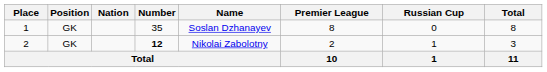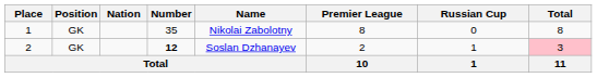 <table class="wikitable" style="font-size: 95%; text-align: center;">
 <tr>
 <th width=60>Place</th>
 <th width=60>Position</th>
 <th width=60>Nation</th>
 <th width=60>Number</th>
 <th width=150>Name</th>
 <th width=150>Premier League</th>
 <th width=150>Russian Cup</th>
 <th width=80>Total</th>
 </tr>
 <tr>
 <td>1</td>
 <td>GK</td>
 <td></td>
 <td>35</td>
-<td><a href='#'>Soslan Dzhanayev</a></td>
+<td><a href='#'>Nikolai Zabolotny</a></td>
 <td>8</td>
 <td>0</td>
 <td>8</td>
 </tr>
 <tr>
 <td>2</td>
 <td>GK</td>
 <td></td>
 <td><strong>12</strong></td>
-<td><a href='#'>Nikolai Zabolotny</a></td>
+<td><a href='#'>Soslan Dzhanayev</a></td>
 <td>2</td>
 <td>1</td>
-<td>3</td>
+<td style="background: pink;">3</td>
 </tr>
 <tr>
 <th colspan=5>Total</th>
 <th>10</th>
 <th>1</th>
 <th>11</th>
 </tr>
 </table>
